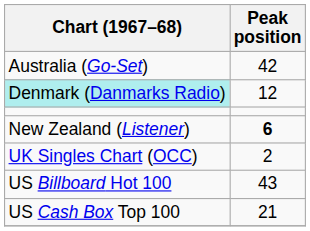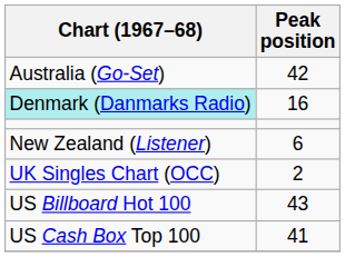 <table class="wikitable sortable">
 <tr>
 <th>Chart (1967–68)</th>
 <th>Peak<br>position</th>
 </tr>
 <tr>
 <td>Australia (<em><a href='#'>Go-Set</a></em>)</td>
 <td style="text-align:center;">42</td>
 </tr>
 <tr>
 <td style="background: paleturquoise;">Denmark (<a href='#'>Danmarks Radio</a>)</td>
-<td style="text-align:center;">12</td>
+<td style="text-align:center;">16</td>
 </tr>
 <tr>
 <td></td>
 </tr>
 <tr>
 <td>New Zealand (<em><a href='#'>Listener</a></em>)</td>
-<td style="text-align:center;"><strong>6</strong></td>
+<td style="text-align:center;">6</td>
 </tr>
 <tr>
 <td><a href='#'>UK Singles Chart</a> (<a href='#'>OCC</a>)</td>
 <td style="text-align:center;">2</td>
 </tr>
 <tr>
 <td>US <a href='#'><em>Billboard</em> Hot 100</a></td>
 <td style="text-align:center;">43</td>
 </tr>
 <tr>
 <td>US <em><a href='#'>Cash Box</a></em> Top 100</td>
-<td style="text-align:center;">21</td>
+<td style="text-align:center;">41</td>
 </tr>
 <tr>
 </tr>
 </table>
